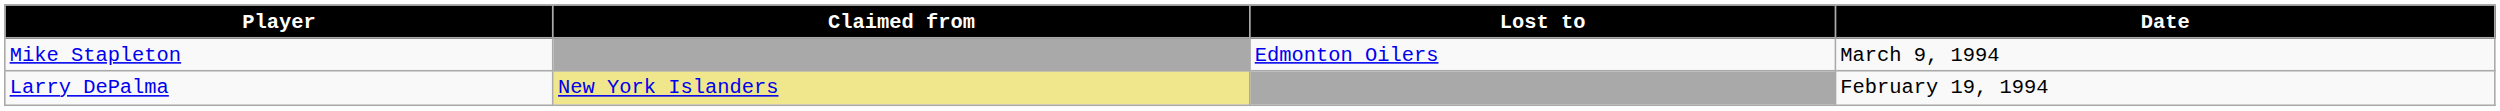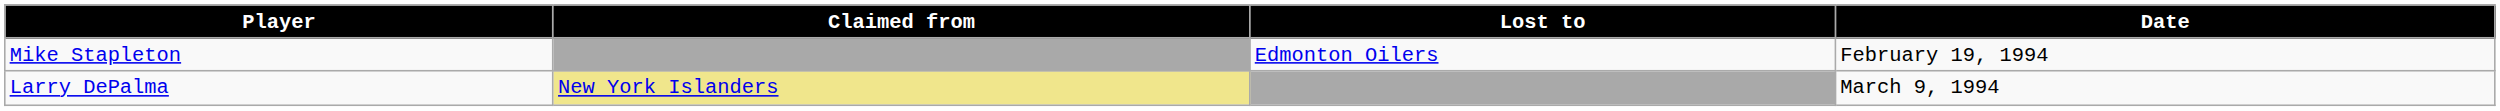 <table class="wikitable" style="width:80%;">
 <tr style="text-align:center; background:#ddd;">
 <th style="color:white; background:#000000; ">Player</th>
 <th style="color:white; background:#000000; ">Claimed from</th>
 <th style="color:white; background:#000000; ">Lost to</th>
 <th style="color:white; background:#000000; ">Date</th>
 </tr>
 <tr>
 <td><a href='#'>Mike Stapleton</a></td>
 <td style="background:darkgrey;"></td>
 <td><a href='#'>Edmonton Oilers</a></td>
-<td>March 9, 1994</td>
+<td>February 19, 1994</td>
 </tr>
 <tr>
 <td><a href='#'>Larry DePalma</a></td>
 <td style="background: khaki;"><a href='#'>New York Islanders</a></td>
 <td style="background:darkgrey;"></td>
-<td>February 19, 1994</td>
+<td>March 9, 1994</td>
 </tr>
 </table>
